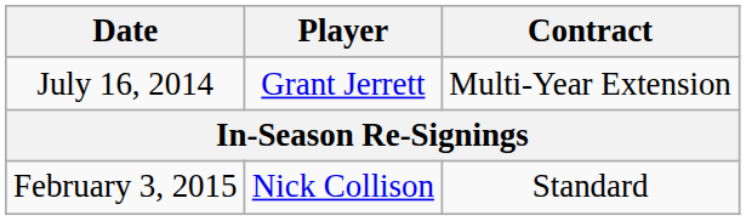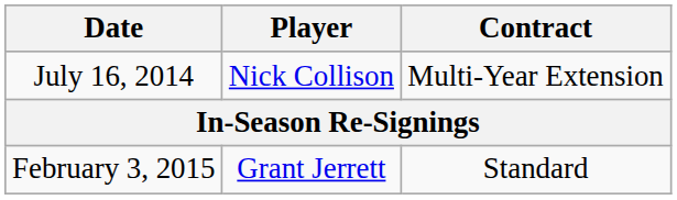 <table class="wikitable" style="text-align: center">
 <tr>
 <th>Date</th>
 <th>Player</th>
 <th>Contract</th>
 </tr>
 <tr style="text-align: center">
 <td>July 16, 2014</td>
-<td><a href='#'>Grant Jerrett</a></td>
+<td><a href='#'>Nick Collison</a></td>
 <td>Multi-Year Extension</td>
 </tr>
 <tr>
 <th scope="row" colspan="6" style="text-align:center;”">In-Season Re-Signings</th>
 </tr>
 <tr style="text-align: center">
 <td>February 3, 2015</td>
-<td><a href='#'>Nick Collison</a></td>
+<td><a href='#'>Grant Jerrett</a></td>
 <td>Standard</td>
 </tr>
 </table>
